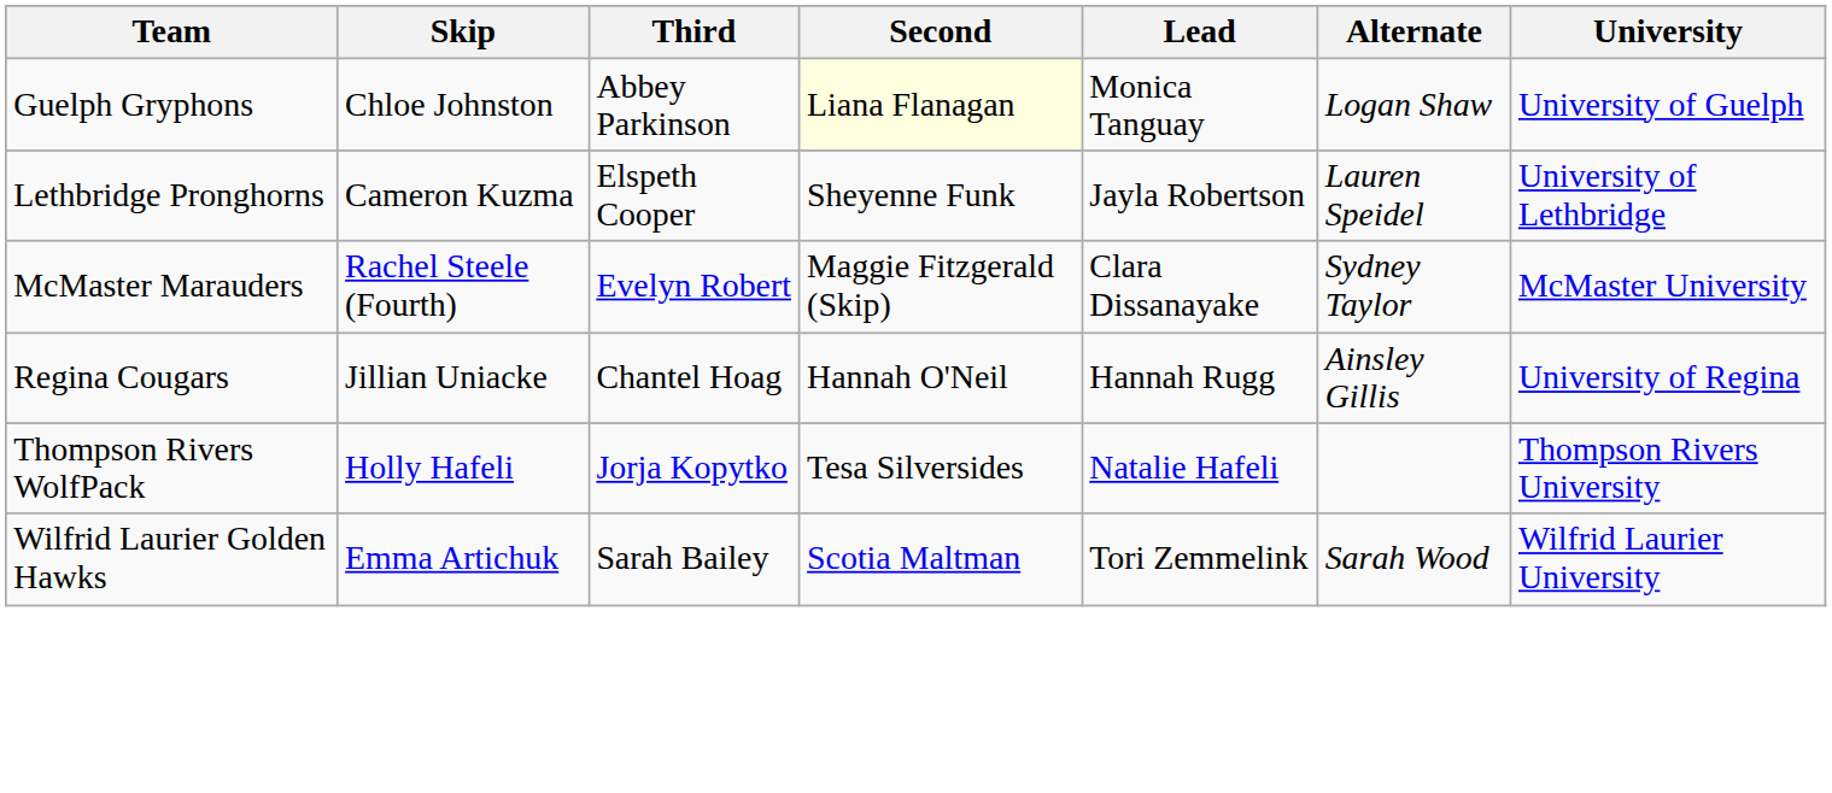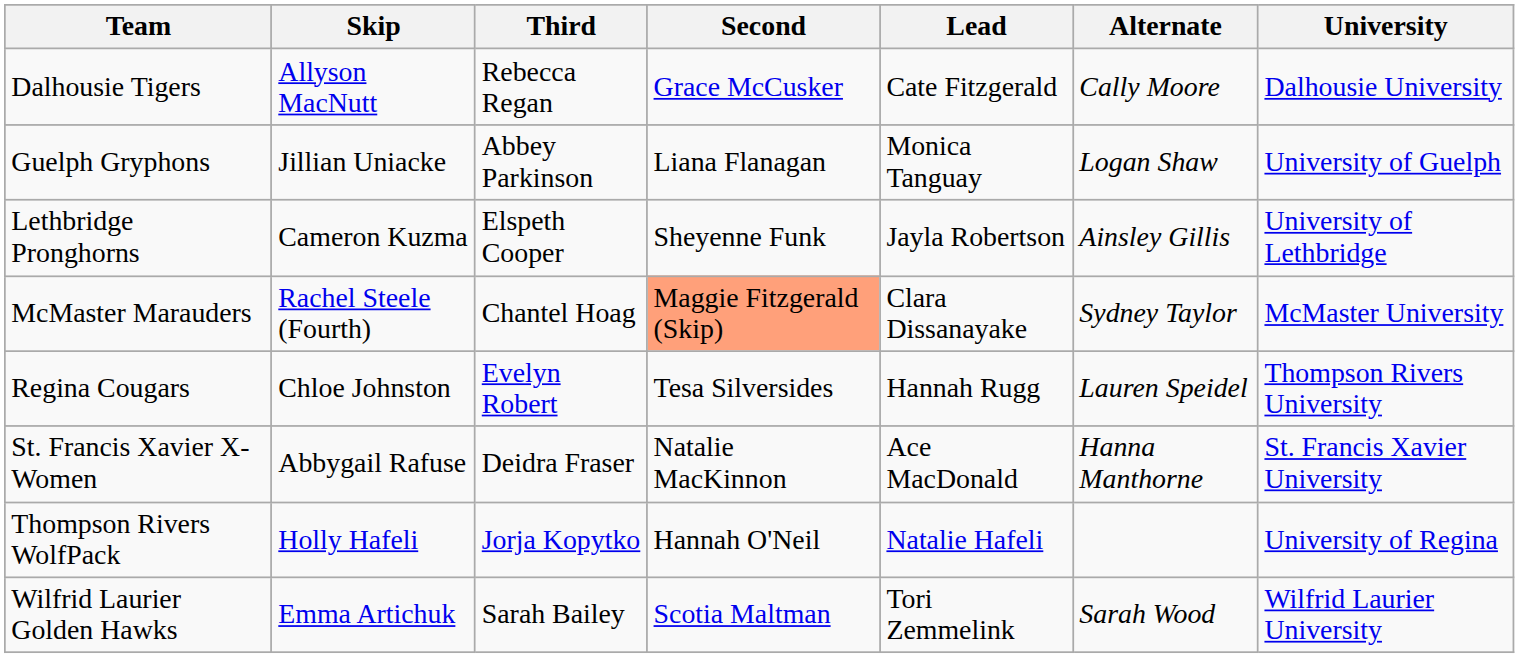 <table class="wikitable">
 <tr>
 <th scope="col">Team</th>
 <th scope="col">Skip</th>
 <th scope="col">Third</th>
 <th scope="col">Second</th>
 <th scope="col">Lead</th>
 <th scope="col">Alternate</th>
 <th scope="col">University</th>
 </tr>
 <tr>
+<td>Dalhousie Tigers</td>
+<td><a href='#'>Allyson MacNutt</a></td>
+<td>Rebecca Regan</td>
+<td><a href='#'>Grace McCusker</a></td>
+<td>Cate Fitzgerald</td>
+<td><em>Cally Moore</em></td>
+<td> <a href='#'>Dalhousie University</a></td>
+</tr>
+<tr>
 <td>Guelph Gryphons</td>
-<td>Chloe Johnston</td>
+<td>Jillian Uniacke</td>
 <td>Abbey Parkinson</td>
-<td style="background: lightyellow;">Liana Flanagan</td>
+<td>Liana Flanagan</td>
 <td>Monica Tanguay</td>
 <td><em>Logan Shaw</em></td>
 <td> <a href='#'>University of Guelph</a></td>
 </tr>
 <tr>
 <td>Lethbridge Pronghorns</td>
 <td>Cameron Kuzma</td>
 <td>Elspeth Cooper</td>
 <td>Sheyenne Funk</td>
 <td>Jayla Robertson</td>
-<td><em>Lauren Speidel</em></td>
+<td><em>Ainsley Gillis</em></td>
 <td> <a href='#'>University of Lethbridge</a></td>
 </tr>
 <tr>
 <td>McMaster Marauders</td>
 <td><a href='#'>Rachel Steele</a> (Fourth)</td>
-<td><a href='#'>Evelyn Robert</a></td>
-<td>Maggie Fitzgerald (Skip)</td>
+<td>Chantel Hoag</td>
+<td style="background: lightsalmon;">Maggie Fitzgerald (Skip)</td>
 <td>Clara Dissanayake</td>
 <td><em>Sydney Taylor</em></td>
 <td> <a href='#'>McMaster University</a></td>
 </tr>
 <tr>
 <td>Regina Cougars</td>
-<td>Jillian Uniacke</td>
-<td>Chantel Hoag</td>
-<td>Hannah O'Neil</td>
+<td>Chloe Johnston</td>
+<td><a href='#'>Evelyn Robert</a></td>
+<td>Tesa Silversides</td>
 <td>Hannah Rugg</td>
-<td><em>Ainsley Gillis</em></td>
-<td> <a href='#'>University of Regina</a></td>
+<td><em>Lauren Speidel</em></td>
+<td> <a href='#'>Thompson Rivers University</a></td>
+</tr>
+<tr>
+<td>St. Francis Xavier X-Women</td>
+<td>Abbygail Rafuse</td>
+<td>Deidra Fraser</td>
+<td>Natalie MacKinnon</td>
+<td>Ace MacDonald</td>
+<td><em>Hanna Manthorne</em></td>
+<td> <a href='#'>St. Francis Xavier University</a></td>
 </tr>
 <tr>
 <td>Thompson Rivers WolfPack</td>
 <td><a href='#'>Holly Hafeli</a></td>
 <td><a href='#'>Jorja Kopytko</a></td>
-<td>Tesa Silversides</td>
+<td>Hannah O'Neil</td>
 <td><a href='#'>Natalie Hafeli</a></td>
 <td></td>
-<td> <a href='#'>Thompson Rivers University</a></td>
+<td> <a href='#'>University of Regina</a></td>
 </tr>
 <tr>
 <td>Wilfrid Laurier Golden Hawks</td>
 <td><a href='#'>Emma Artichuk</a></td>
 <td>Sarah Bailey</td>
 <td><a href='#'>Scotia Maltman</a></td>
 <td>Tori Zemmelink</td>
 <td><em>Sarah Wood</em></td>
 <td> <a href='#'>Wilfrid Laurier University</a></td>
 </tr>
 </table>
